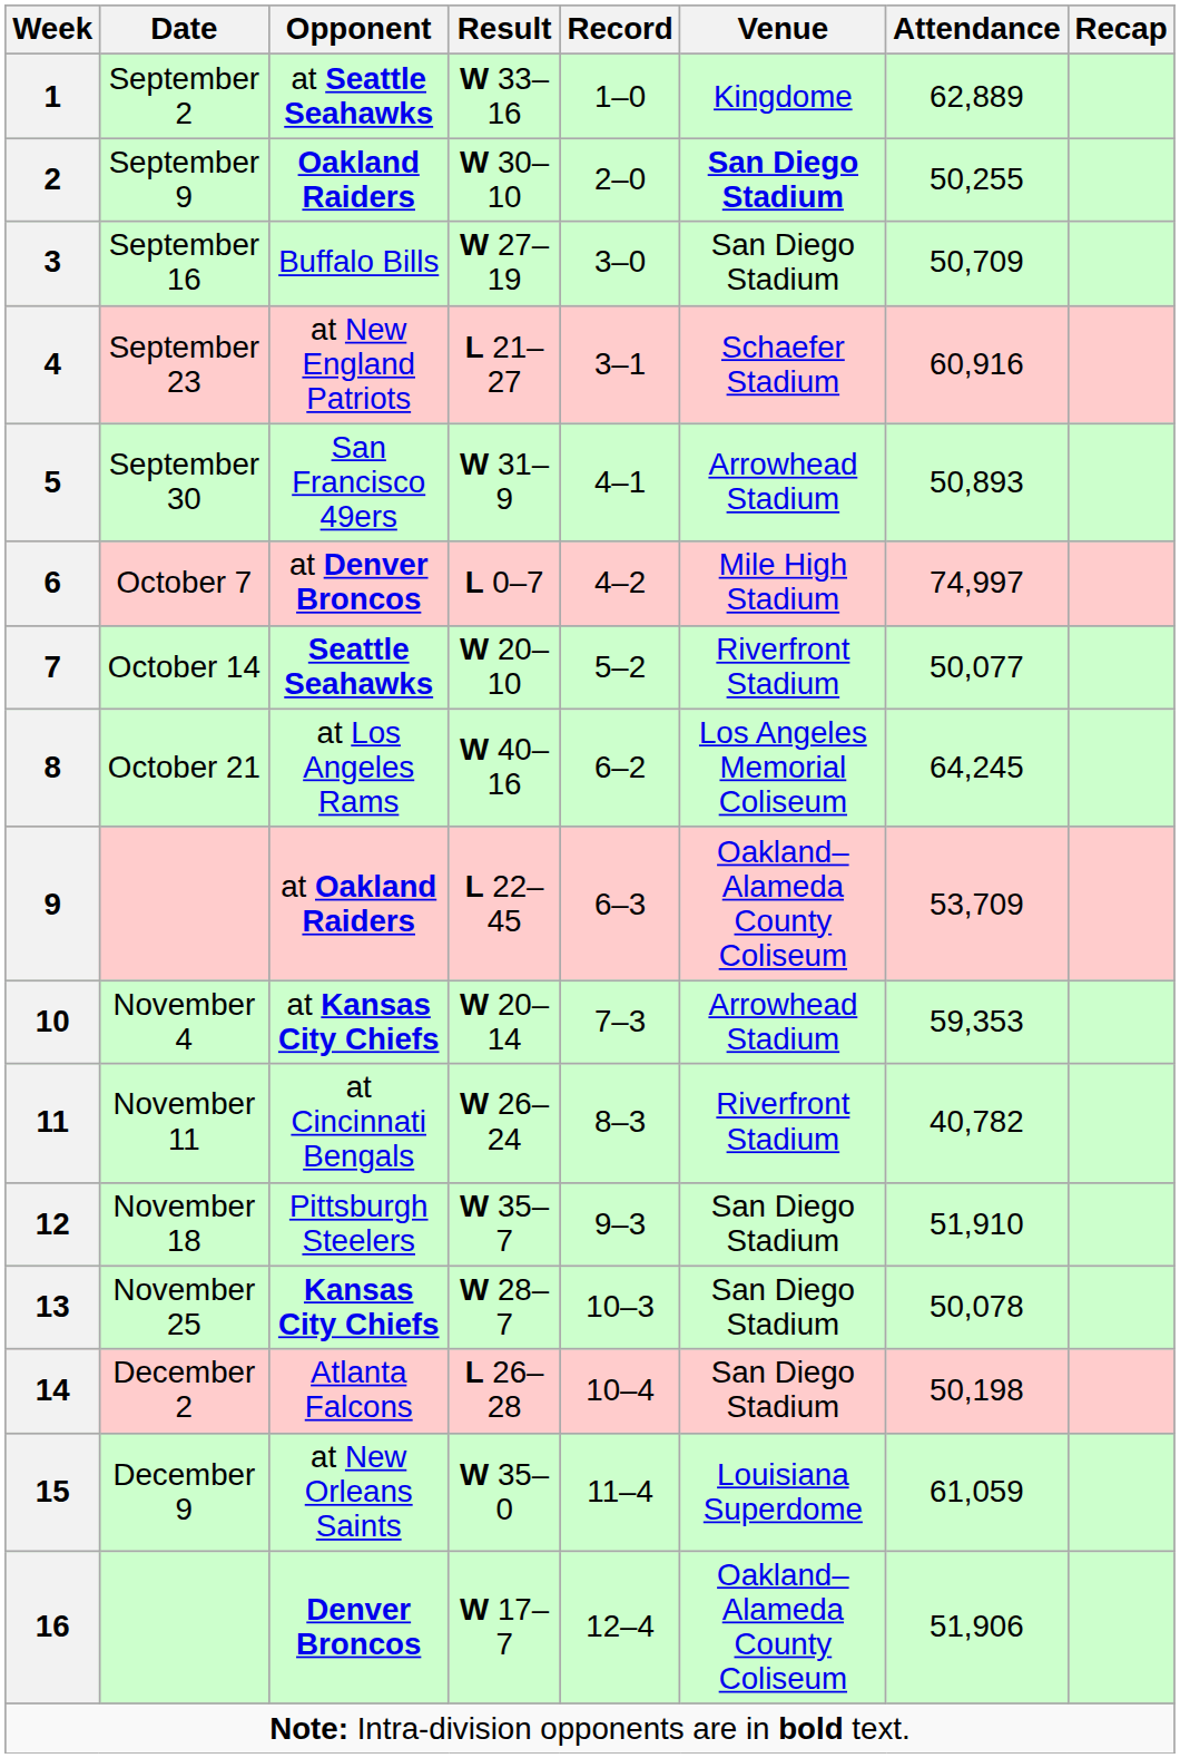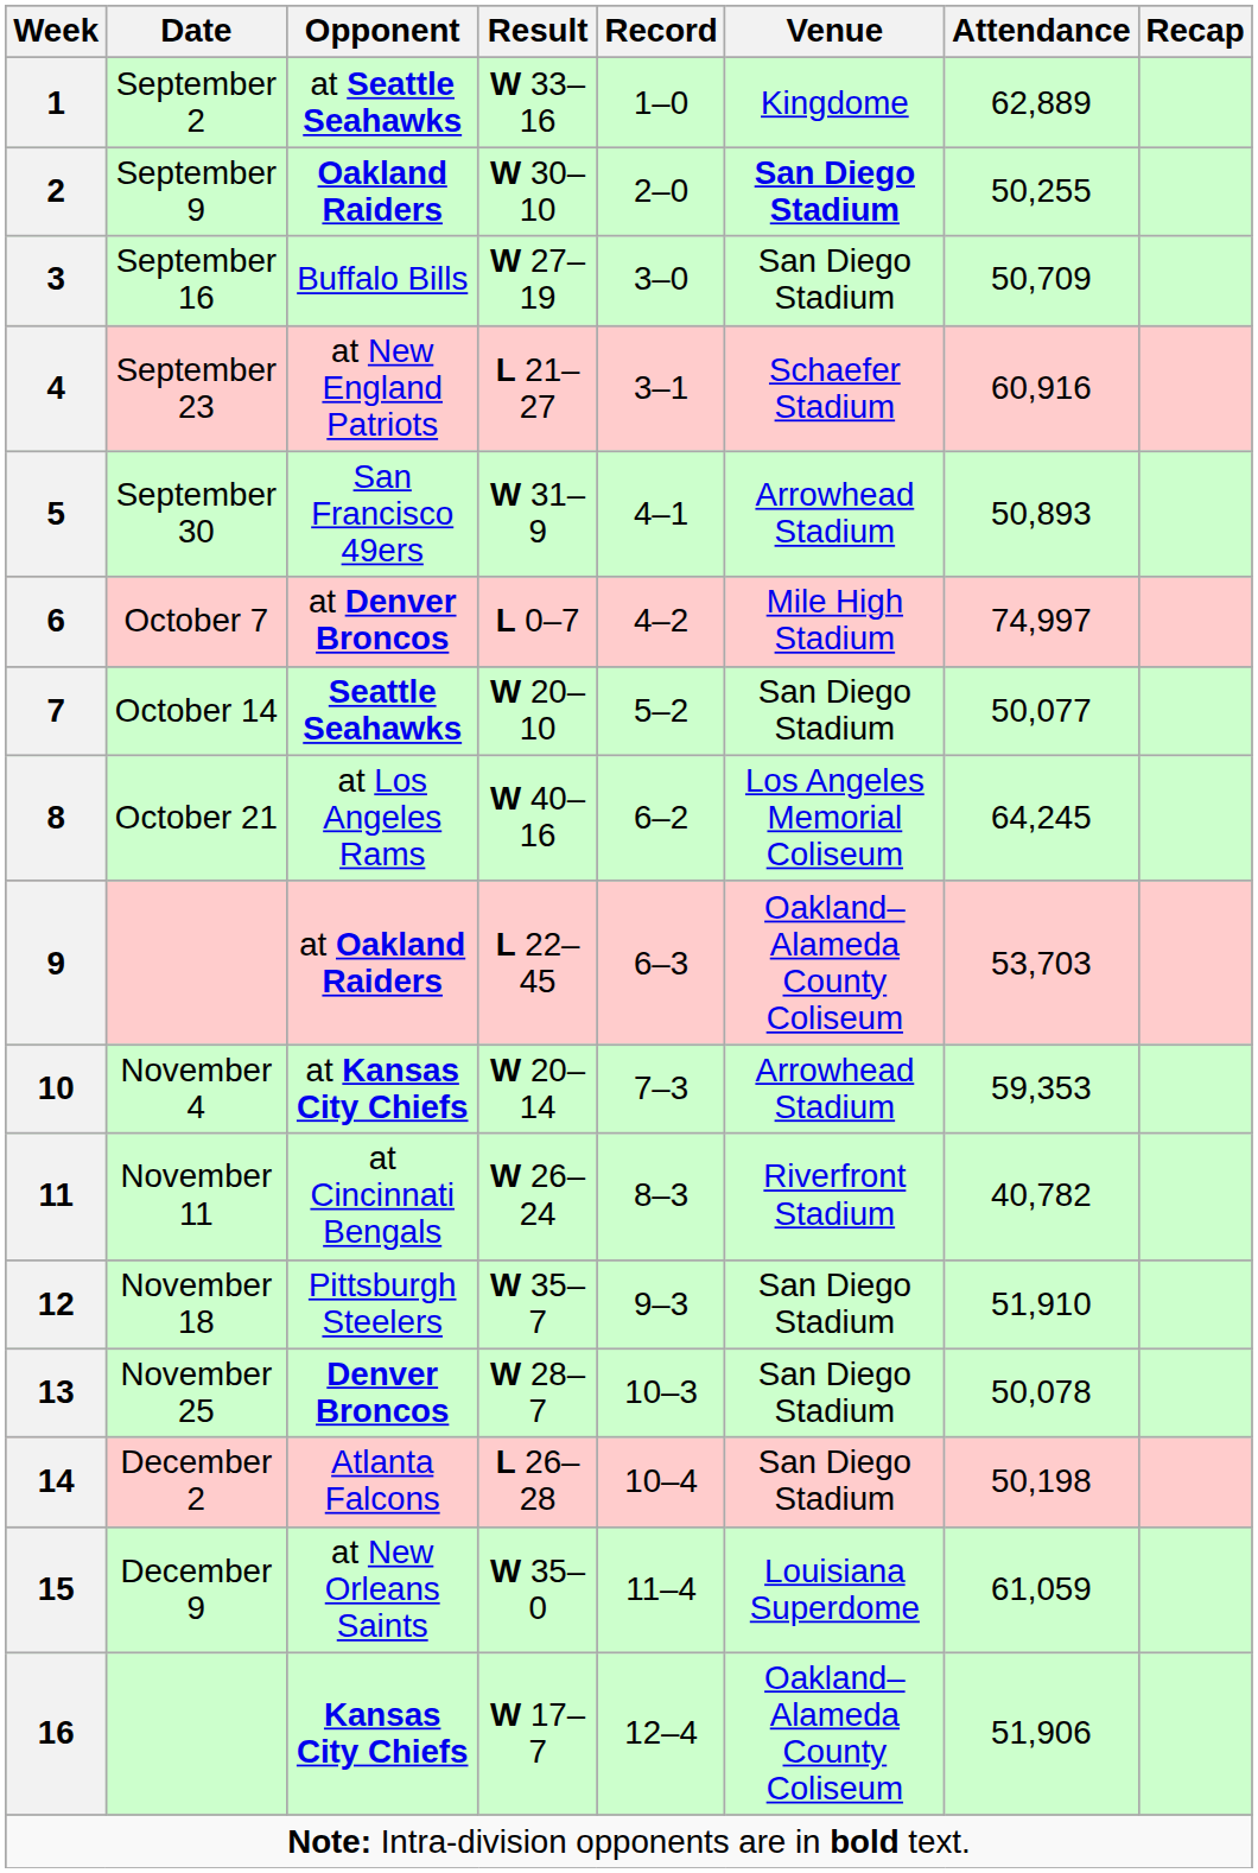 <table class="wikitable" style="text-align:center">
 <tr>
 <th>Week</th>
 <th>Date</th>
 <th>Opponent</th>
 <th>Result</th>
 <th>Record</th>
 <th>Venue</th>
 <th>Attendance</th>
 <th>Recap</th>
 </tr>
 <tr style="background:#cfc">
 <th>1</th>
 <td>September 2</td>
 <td>at <strong><a href='#'>Seattle Seahawks</a></strong></td>
 <td><strong>W</strong> 33–16</td>
 <td>1–0</td>
 <td><a href='#'>Kingdome</a></td>
 <td>62,889</td>
 <td></td>
 </tr>
 <tr style="background:#cfc">
 <th>2</th>
 <td>September 9</td>
 <td><strong><a href='#'>Oakland Raiders</a></strong></td>
 <td><strong>W</strong> 30–10</td>
 <td>2–0</td>
 <td><strong><a href='#'>San Diego Stadium</a></strong></td>
 <td>50,255</td>
 <td></td>
 </tr>
 <tr style="background:#cfc">
 <th>3</th>
 <td>September 16</td>
 <td><a href='#'>Buffalo Bills</a></td>
 <td><strong>W</strong> 27–19</td>
 <td>3–0</td>
 <td>San Diego Stadium</td>
 <td>50,709</td>
 <td></td>
 </tr>
 <tr style="background:#fcc">
 <th>4</th>
 <td>September 23</td>
 <td>at <a href='#'>New England Patriots</a></td>
 <td><strong>L</strong> 21–27</td>
 <td>3–1</td>
 <td><a href='#'>Schaefer Stadium</a></td>
 <td>60,916</td>
 <td></td>
 </tr>
 <tr style="background:#cfc">
 <th>5</th>
 <td>September 30</td>
 <td><a href='#'>San Francisco 49ers</a></td>
 <td><strong>W</strong> 31–9</td>
 <td>4–1</td>
 <td><a href='#'>Arrowhead Stadium</a></td>
 <td>50,893</td>
 <td></td>
 </tr>
 <tr style="background:#fcc">
 <th>6</th>
 <td>October 7</td>
 <td>at <strong><a href='#'>Denver Broncos</a></strong></td>
 <td><strong>L</strong> 0–7</td>
 <td>4–2</td>
 <td><a href='#'>Mile High Stadium</a></td>
 <td>74,997</td>
 <td></td>
 </tr>
 <tr style="background:#cfc">
 <th>7</th>
 <td>October 14</td>
 <td><strong><a href='#'>Seattle Seahawks</a></strong></td>
 <td><strong>W</strong> 20–10</td>
 <td>5–2</td>
-<td><a href='#'>Riverfront Stadium</a></td>
+<td>San Diego Stadium</td>
 <td>50,077</td>
 <td></td>
 </tr>
 <tr style="background:#cfc">
 <th>8</th>
 <td>October 21</td>
 <td>at <a href='#'>Los Angeles Rams</a></td>
 <td><strong>W</strong> 40–16</td>
 <td>6–2</td>
 <td><a href='#'>Los Angeles Memorial Coliseum</a></td>
 <td>64,245</td>
 <td></td>
 </tr>
 <tr style="background:#fcc">
 <th>9</th>
 <td></td>
 <td>at <strong><a href='#'>Oakland Raiders</a></strong></td>
 <td><strong>L</strong> 22–45</td>
 <td>6–3</td>
 <td><a href='#'>Oakland–Alameda County Coliseum</a></td>
-<td>53,709</td>
+<td>53,703</td>
 <td></td>
 </tr>
 <tr style="background:#cfc">
 <th>10</th>
 <td>November 4</td>
 <td>at <strong><a href='#'>Kansas City Chiefs</a></strong></td>
 <td><strong>W</strong> 20–14</td>
 <td>7–3</td>
 <td><a href='#'>Arrowhead Stadium</a></td>
 <td>59,353</td>
 <td></td>
 </tr>
 <tr style="background:#cfc">
 <th>11</th>
 <td>November 11</td>
 <td>at <a href='#'>Cincinnati Bengals</a></td>
 <td><strong>W</strong> 26–24</td>
 <td>8–3</td>
 <td><a href='#'>Riverfront Stadium</a></td>
 <td>40,782</td>
 <td></td>
 </tr>
 <tr style="background:#cfc">
 <th>12</th>
 <td>November 18</td>
 <td><a href='#'>Pittsburgh Steelers</a></td>
 <td><strong>W</strong> 35–7</td>
 <td>9–3</td>
 <td>San Diego Stadium</td>
 <td>51,910</td>
 <td></td>
 </tr>
 <tr style="background:#cfc">
 <th>13</th>
 <td>November 25</td>
-<td><strong><a href='#'>Kansas City Chiefs</a></strong></td>
+<td><strong><a href='#'>Denver Broncos</a></strong></td>
 <td><strong>W</strong> 28–7</td>
 <td>10–3</td>
 <td>San Diego Stadium</td>
 <td>50,078</td>
 <td></td>
 </tr>
 <tr style="background:#fcc">
 <th>14</th>
 <td>December 2</td>
 <td><a href='#'>Atlanta Falcons</a></td>
 <td><strong>L</strong> 26–28</td>
 <td>10–4</td>
 <td>San Diego Stadium</td>
 <td>50,198</td>
 <td></td>
 </tr>
 <tr style="background:#cfc">
 <th>15</th>
 <td>December 9</td>
 <td>at <a href='#'>New Orleans Saints</a></td>
 <td><strong>W</strong> 35–0</td>
 <td>11–4</td>
 <td><a href='#'>Louisiana Superdome</a></td>
 <td>61,059</td>
 <td></td>
 </tr>
 <tr style="background:#cfc">
 <th>16</th>
 <td></td>
-<td><strong><a href='#'>Denver Broncos</a></strong></td>
+<td><strong><a href='#'>Kansas City Chiefs</a></strong></td>
 <td><strong>W</strong> 17–7</td>
 <td>12–4</td>
 <td><a href='#'>Oakland–Alameda County Coliseum</a></td>
 <td>51,906</td>
 <td></td>
 </tr>
 <tr>
 <td colspan="8"><strong>Note:</strong> Intra-division opponents are in <strong>bold</strong> text.</td>
 </tr>
 </table>
